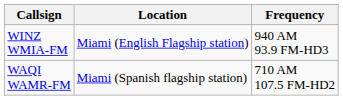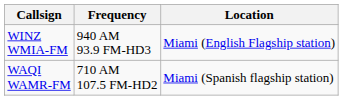 <table class="wikitable">
 <tr>
 <th>Callsign</th>
+<th>Frequency</th>
 <th>Location</th>
-<th>Frequency</th>
 </tr>
 <tr>
 <td><a href='#'>WINZ</a><br><a href='#'>WMIA-FM</a></td>
+<td>940 AM<br>93.9 FM-HD3</td>
 <td><a href='#'>Miami</a> (<a href='#'>English Flagship station</a>)</td>
-<td>940 AM<br>93.9 FM-HD3</td>
 </tr>
 <tr>
 <td><a href='#'>WAQI</a><br><a href='#'>WAMR-FM</a></td>
+<td>710 AM<br>107.5 FM-HD2</td>
 <td><a href='#'>Miami</a> (Spanish flagship station)</td>
-<td>710 AM<br>107.5 FM-HD2</td>
 </tr>
 </table>
